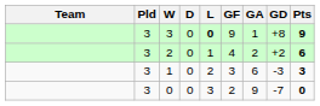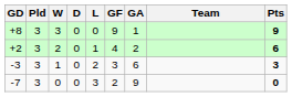 <table class="wikitable" style="text-align: center;">
 <tr>
-<th width=165>Team</th>
+<th width=20>GD</th>
 <th width=20>Pld</th>
 <th width=20>W</th>
 <th width=20>D</th>
 <th width=20>L</th>
 <th width=20>GF</th>
 <th width=20>GA</th>
-<th width=20>GD</th>
+<th width=165>Team</th>
 <th width=20>Pts</th>
 </tr>
 <tr bgcolor=ccffcc>
-<td align="left"></td>
+<td>+8</td>
 <td>3</td>
 <td>3</td>
 <td>0</td>
-<td><strong>0</strong></td>
+<td>0</td>
 <td>9</td>
 <td>1</td>
-<td>+8</td>
+<td align="left"></td>
 <td><strong>9</strong></td>
 </tr>
 <tr bgcolor=ccffcc>
-<td align="left"></td>
+<td>+2</td>
 <td>3</td>
 <td>2</td>
 <td>0</td>
 <td>1</td>
 <td>4</td>
 <td>2</td>
-<td>+2</td>
+<td align="left"></td>
 <td><strong>6</strong></td>
 </tr>
 <tr>
-<td align="left"></td>
+<td>-3</td>
 <td>3</td>
 <td>1</td>
 <td>0</td>
 <td>2</td>
 <td>3</td>
 <td>6</td>
-<td>-3</td>
+<td align="left"></td>
 <td><strong>3</strong></td>
 </tr>
 <tr>
-<td align="left"></td>
+<td>-7</td>
 <td>3</td>
 <td>0</td>
 <td>0</td>
 <td>3</td>
 <td>2</td>
 <td>9</td>
-<td>-7</td>
+<td align="left"></td>
 <td><strong>0</strong></td>
 </tr>
 </table>
